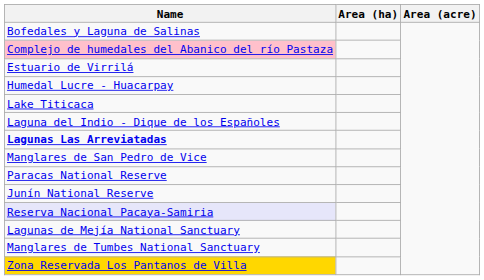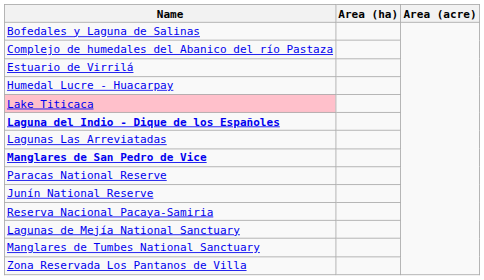 <table class="wikitable sortable">
 <tr>
 <th scope="col" align=left>Name</th>
 <th scope="col">Area (ha)</th>
 <th scope="col">Area (acre)</th>
 </tr>
 <tr ---->
 <td><a href='#'>Bofedales y Laguna de Salinas</a></td>
 <td></td>
 </tr>
 <tr ---->
-<td style="background: pink;"><a href='#'>Complejo de humedales del Abanico del río Pastaza</a></td>
+<td><a href='#'>Complejo de humedales del Abanico del río Pastaza</a></td>
 <td></td>
 </tr>
 <tr ---->
 <td><a href='#'>Estuario de Virrilá</a></td>
 <td></td>
 </tr>
 <tr ---->
 <td><a href='#'>Humedal Lucre - Huacarpay</a></td>
 <td></td>
 </tr>
 <tr ---->
-<td><a href='#'>Lake Titicaca</a></td>
+<td style="background: pink;"><a href='#'>Lake Titicaca</a></td>
 <td></td>
 </tr>
 <tr ---->
-<td><a href='#'>Laguna del Indio - Dique de los Españoles</a></td>
+<td><strong><a href='#'>Laguna del Indio - Dique de los Españoles</a></strong></td>
 <td></td>
 </tr>
 <tr ---->
-<td><strong><a href='#'>Lagunas Las Arreviatadas</a></strong></td>
+<td><a href='#'>Lagunas Las Arreviatadas</a></td>
 <td></td>
 </tr>
 <tr ---->
-<td><a href='#'>Manglares de San Pedro de Vice</a></td>
+<td><strong><a href='#'>Manglares de San Pedro de Vice</a></strong></td>
 <td></td>
 </tr>
 <tr ---->
 <td><a href='#'>Paracas National Reserve</a></td>
 <td></td>
 </tr>
 <tr ---->
 <td><a href='#'>Junín National Reserve</a></td>
 <td></td>
 </tr>
 <tr ---->
-<td style="background: lavender;"><a href='#'>Reserva Nacional Pacaya-Samiria</a></td>
+<td><a href='#'>Reserva Nacional Pacaya-Samiria</a></td>
 <td></td>
 </tr>
 <tr ---->
 <td><a href='#'>Lagunas de Mejía National Sanctuary</a></td>
 <td></td>
 </tr>
 <tr ---->
 <td><a href='#'>Manglares de Tumbes National Sanctuary</a></td>
 <td></td>
 </tr>
 <tr ---->
-<td style="background: gold;"><a href='#'>Zona Reservada Los Pantanos de Villa</a></td>
+<td><a href='#'>Zona Reservada Los Pantanos de Villa</a></td>
 <td></td>
 </tr>
 </table>
